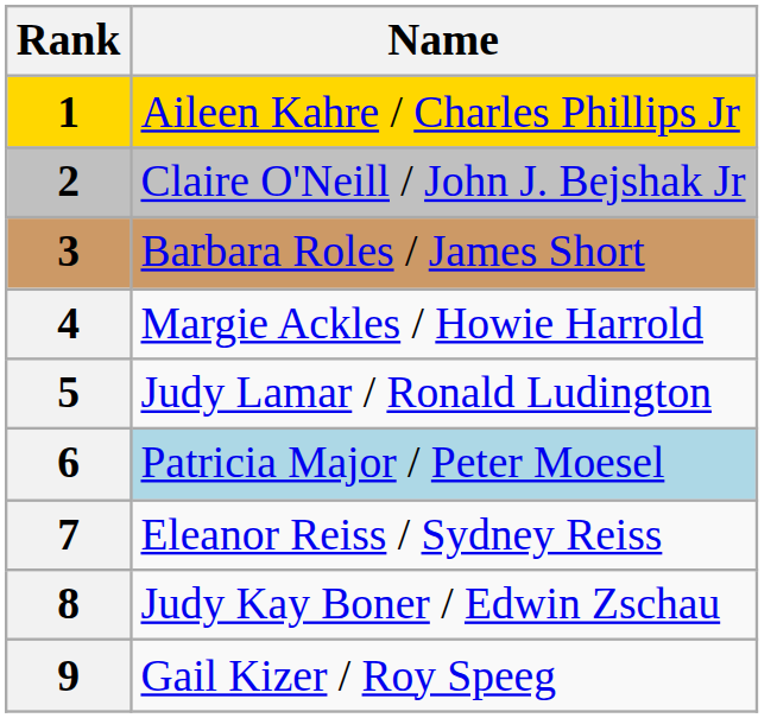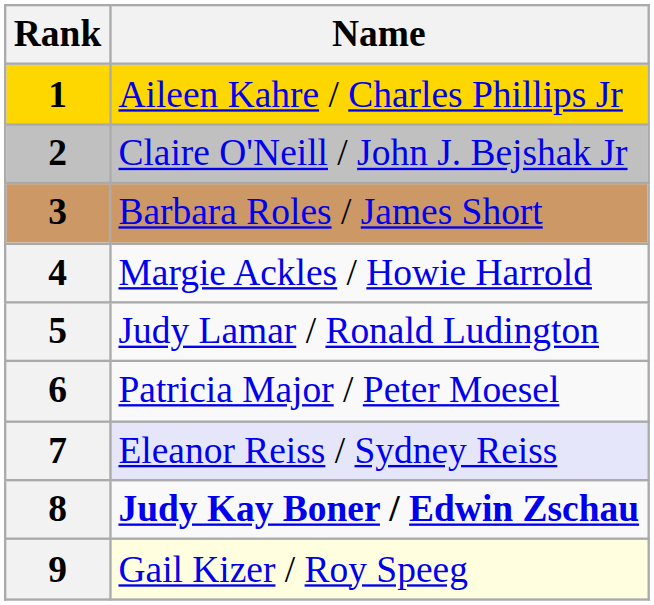 <table class="wikitable">
 <tr>
 <th>Rank</th>
 <th>Name</th>
 </tr>
 <tr bgcolor="gold">
 <td align="center"><strong>1</strong></td>
 <td><a href='#'>Aileen Kahre</a> / <a href='#'>Charles Phillips Jr</a></td>
 </tr>
 <tr bgcolor="silver">
 <td align="center"><strong>2</strong></td>
 <td><a href='#'>Claire O'Neill</a> / <a href='#'>John J. Bejshak Jr</a></td>
 </tr>
 <tr bgcolor="cc9966">
 <td align="center"><strong>3</strong></td>
 <td><a href='#'>Barbara Roles</a> / <a href='#'>James Short</a></td>
 </tr>
 <tr>
 <th>4</th>
 <td><a href='#'>Margie Ackles</a> / <a href='#'>Howie Harrold</a></td>
 </tr>
 <tr>
 <th>5</th>
 <td><a href='#'>Judy Lamar</a> / <a href='#'>Ronald Ludington</a></td>
 </tr>
 <tr>
 <th>6</th>
-<td style="background: lightblue;"><a href='#'>Patricia Major</a> / <a href='#'>Peter Moesel</a></td>
+<td><a href='#'>Patricia Major</a> / <a href='#'>Peter Moesel</a></td>
 </tr>
 <tr>
 <th>7</th>
-<td><a href='#'>Eleanor Reiss</a> / <a href='#'>Sydney Reiss</a></td>
+<td style="background: lavender;"><a href='#'>Eleanor Reiss</a> / <a href='#'>Sydney Reiss</a></td>
 </tr>
 <tr>
 <th>8</th>
-<td><a href='#'>Judy Kay Boner</a> / <a href='#'>Edwin Zschau</a></td>
+<td><strong><a href='#'>Judy Kay Boner</a> / <a href='#'>Edwin Zschau</a></strong></td>
 </tr>
 <tr>
 <th>9</th>
-<td><a href='#'>Gail Kizer</a> / <a href='#'>Roy Speeg</a></td>
+<td style="background: lightyellow;"><a href='#'>Gail Kizer</a> / <a href='#'>Roy Speeg</a></td>
 </tr>
 </table>
